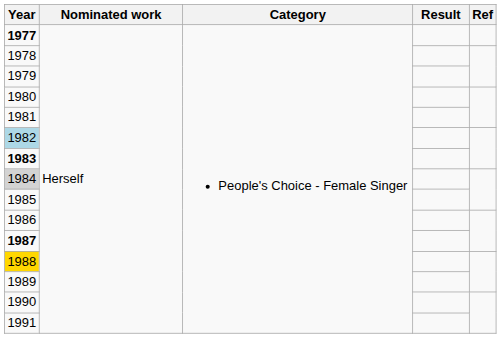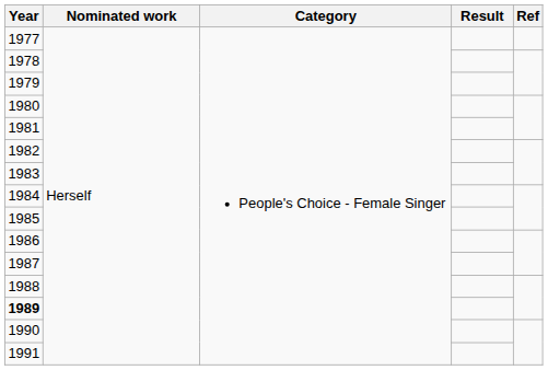 <table class="wikitable">
 <tr>
 <th style="width:10px;">Year</th>
 <th style="width:237px;">Nominated work</th>
 <th style="width:410px;">Category</th>
 <th style="width:73px;">Result</th>
 <th>Ref</th>
 </tr>
 <tr>
-<td><strong>1977</strong></td>
+<td>1977</td>
 <td rowspan=15>Herself</td>
 <td rowspan=15><br><ul><li>People's Choice - Female Singer</li></ul></td>
 <td></td>
 <td align=center></td>
 </tr>
 <tr>
 <td>1978</td>
 <td></td>
 <td rowspan="2" style="text-align:center;"></td>
 </tr>
 <tr>
 <td>1979</td>
 <td></td>
 </tr>
 <tr>
 <td>1980</td>
 <td></td>
 <td rowspan="2" style="text-align:center;"></td>
 </tr>
 <tr>
 <td>1981</td>
 <td></td>
 </tr>
 <tr>
-<td style="background: lightblue;">1982</td>
+<td>1982</td>
 <td></td>
 <td rowspan="2" style="text-align:center;"></td>
 </tr>
 <tr>
-<td><strong>1983</strong></td>
+<td>1983</td>
 <td></td>
 </tr>
 <tr>
-<td style="background: lightgrey;">1984</td>
+<td>1984</td>
 <td></td>
 <td rowspan="2" style="text-align:center;"></td>
 </tr>
 <tr>
 <td>1985</td>
 <td></td>
 </tr>
 <tr>
 <td>1986</td>
 <td></td>
 <td rowspan="2" style="text-align:center;"></td>
 </tr>
 <tr>
-<td><strong>1987</strong></td>
+<td>1987</td>
 <td></td>
 </tr>
 <tr>
-<td style="background: gold;">1988</td>
+<td>1988</td>
 <td></td>
 <td rowspan="2" style="text-align:center;"></td>
 </tr>
 <tr>
-<td>1989</td>
+<td><strong>1989</strong></td>
 <td></td>
 </tr>
 <tr>
 <td>1990</td>
 <td></td>
 <td rowspan="2" style="text-align:center;"></td>
 </tr>
 <tr>
 <td>1991</td>
 <td></td>
 </tr>
 </table>
